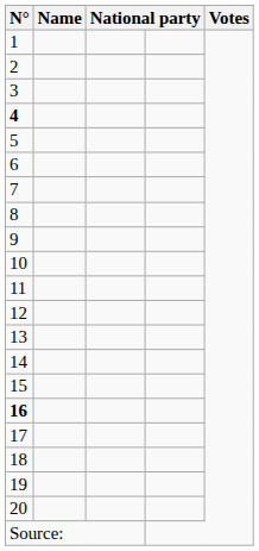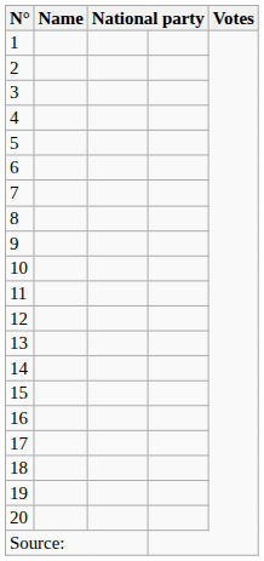 <table class="wikitable sortable" style="font-size:95%;line-height:14px;">
 <tr>
 <th>N°</th>
 <th>Name</th>
 <th colspan="2">National party</th>
 <th>Votes</th>
 </tr>
 <tr>
 <td>1</td>
 <td><em></em></td>
 <td></td>
 <td></td>
 </tr>
 <tr>
 <td>2</td>
 <td></td>
 <td></td>
 <td></td>
 </tr>
 <tr>
 <td>3</td>
 <td></td>
 <td></td>
 <td></td>
 </tr>
 <tr>
-<td><strong>4</strong></td>
+<td>4</td>
 <td></td>
 <td></td>
 <td></td>
 </tr>
 <tr>
 <td>5</td>
 <td></td>
 <td></td>
 <td></td>
 </tr>
 <tr>
 <td>6</td>
 <td></td>
 <td></td>
 <td></td>
 </tr>
 <tr>
 <td>7</td>
 <td></td>
 <td></td>
 <td></td>
 </tr>
 <tr>
 <td>8</td>
 <td></td>
 <td></td>
 <td></td>
 </tr>
 <tr>
 <td>9</td>
 <td></td>
 <td></td>
 <td></td>
 </tr>
 <tr>
 <td>10</td>
 <td></td>
 <td></td>
 <td></td>
 </tr>
 <tr>
 <td>11</td>
 <td></td>
 <td></td>
 <td></td>
 </tr>
 <tr>
 <td>12</td>
 <td></td>
 <td></td>
 <td></td>
 </tr>
 <tr>
 <td>13</td>
 <td></td>
 <td></td>
 <td></td>
 </tr>
 <tr>
 <td>14</td>
 <td></td>
 <td></td>
 <td></td>
 </tr>
 <tr>
 <td>15</td>
 <td></td>
 <td></td>
 <td></td>
 </tr>
 <tr>
-<td><strong>16</strong></td>
+<td>16</td>
 <td></td>
 <td></td>
 <td></td>
 </tr>
 <tr>
 <td>17</td>
 <td></td>
 <td></td>
 <td></td>
 </tr>
 <tr>
 <td>18</td>
 <td></td>
 <td></td>
 <td></td>
 </tr>
 <tr>
 <td>19</td>
 <td></td>
 <td></td>
 <td></td>
 </tr>
 <tr>
 <td>20</td>
 <td></td>
 <td></td>
 <td></td>
 </tr>
 <tr>
 <td colspan="3">Source: </td>
 </tr>
 </table>
